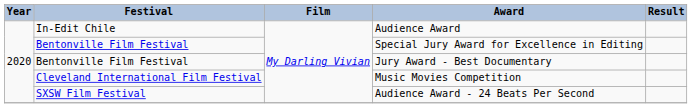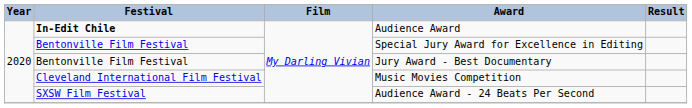 <table class="wikitable" style="font-size:95%;">
 <tr>
 <th style="background:#B0C4DE;">Year</th>
 <th style="background:#B0C4DE;">Festival</th>
 <th style="background:#B0C4DE;">Film</th>
 <th style="background:#B0C4DE;">Award</th>
 <th style="background:#B0C4DE;">Result</th>
 </tr>
 <tr>
 <td rowspan="5">2020</td>
-<td>In-Edit Chile</td>
+<td><strong>In-Edit Chile</strong></td>
 <td rowspan="5"><em><a href='#'>My Darling Vivian</a></em></td>
 <td>Audience Award</td>
 <td></td>
 </tr>
 <tr>
 <td><a href='#'>Bentonville Film Festival</a></td>
 <td>Special Jury Award for Excellence in Editing</td>
 <td></td>
 </tr>
 <tr>
 <td>Bentonville Film Festival</td>
 <td>Jury Award - Best Documentary</td>
 <td></td>
 </tr>
 <tr>
 <td><a href='#'>Cleveland International Film Festival</a></td>
 <td>Music Movies Competition</td>
 <td></td>
 </tr>
 <tr>
 <td><a href='#'>SXSW Film Festival</a></td>
 <td>Audience Award - 24 Beats Per Second</td>
 <td></td>
 </tr>
 <tr>
 </tr>
 </table>
